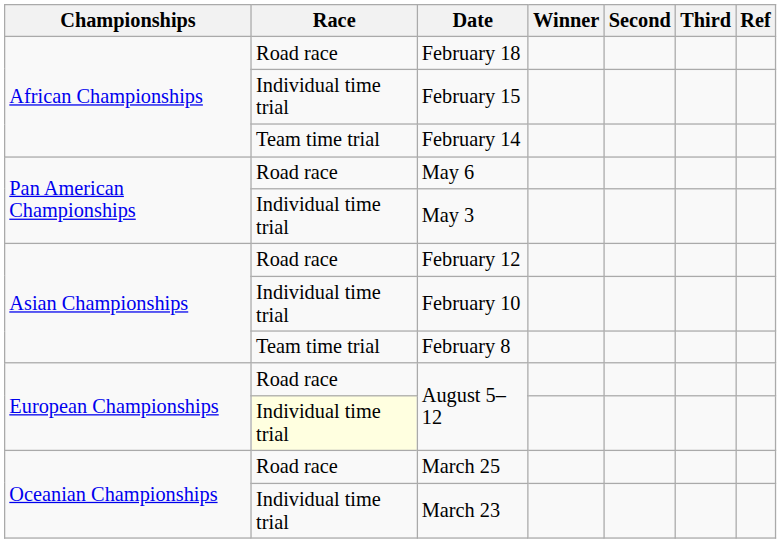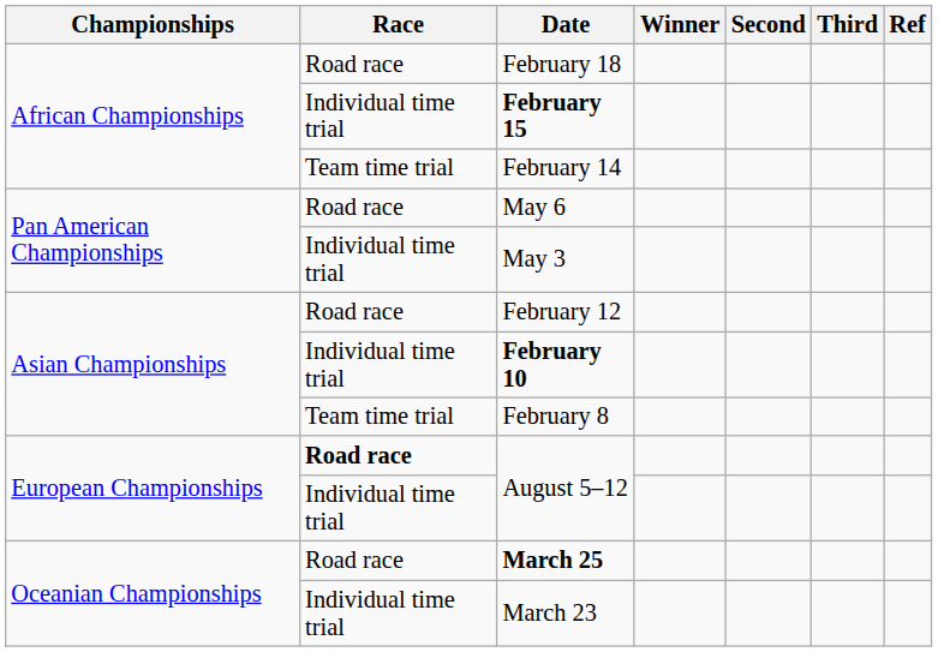 <table class="wikitable plainrowheaders">
 <tr>
 <th>Championships</th>
 <th>Race</th>
 <th>Date</th>
 <th>Winner</th>
 <th>Second</th>
 <th>Third</th>
 <th>Ref</th>
 </tr>
 <tr>
 <td rowspan=3><a href='#'>African Championships</a><br></td>
 <td>Road race</td>
 <td>February 18</td>
 <td></td>
 <td></td>
 <td></td>
 <td></td>
 </tr>
 <tr>
 <td>Individual time trial</td>
-<td>February 15</td>
+<td><strong>February 15</strong></td>
 <td></td>
 <td></td>
 <td></td>
 <td></td>
 </tr>
 <tr>
 <td>Team time trial</td>
 <td>February 14</td>
 <td></td>
 <td></td>
 <td></td>
 <td></td>
 </tr>
 <tr>
 <td rowspan=2><a href='#'>Pan American Championships</a><br></td>
 <td>Road race</td>
 <td>May 6</td>
 <td></td>
 <td></td>
 <td></td>
 <td></td>
 </tr>
 <tr>
 <td>Individual time trial</td>
 <td>May 3</td>
 <td></td>
 <td></td>
 <td></td>
 <td></td>
 </tr>
 <tr>
 <td rowspan=3><a href='#'>Asian Championships</a><br></td>
 <td>Road race</td>
 <td>February 12</td>
 <td></td>
 <td></td>
 <td></td>
 <td></td>
 </tr>
 <tr>
 <td>Individual time trial</td>
-<td>February 10</td>
+<td><strong>February 10</strong></td>
 <td></td>
 <td></td>
 <td></td>
 <td></td>
 </tr>
 <tr>
 <td>Team time trial</td>
 <td>February 8</td>
 <td></td>
 <td></td>
 <td></td>
 <td></td>
 </tr>
 <tr>
 <td rowspan=2><a href='#'>European Championships</a><br></td>
-<td>Road race</td>
+<td><strong>Road race</strong></td>
 <td rowspan=2>August 5–12</td>
 <td></td>
 <td></td>
 <td></td>
 <td></td>
 </tr>
 <tr>
-<td style="background: lightyellow;">Individual time trial</td>
+<td>Individual time trial</td>
 <td></td>
 <td></td>
 <td></td>
 <td></td>
 </tr>
 <tr>
 <td rowspan=2><a href='#'>Oceanian Championships</a><br></td>
 <td>Road race</td>
-<td>March 25</td>
+<td><strong>March 25</strong></td>
 <td></td>
 <td></td>
 <td></td>
 <td></td>
 </tr>
 <tr>
 <td>Individual time trial</td>
 <td>March 23</td>
 <td></td>
 <td></td>
 <td></td>
 <td></td>
 </tr>
 </table>
